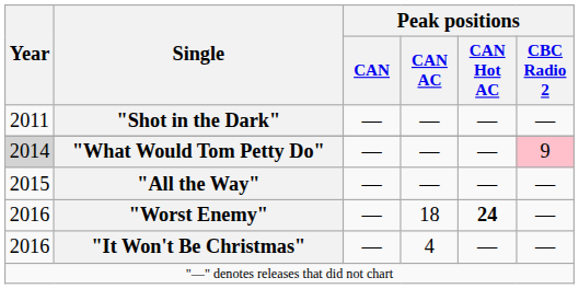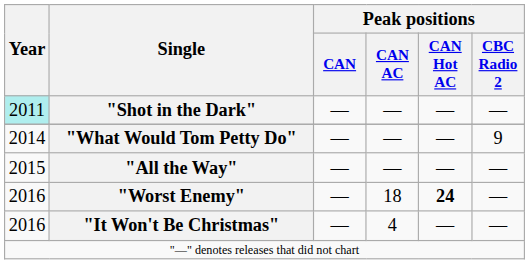 <table class="wikitable plainrowheaders" style="text-align:center;">
 <tr>
 <th rowspan="2">Year</th>
 <th rowspan="2" style="width:14em;">Single</th>
 <th colspan="4">Peak positions</th>
 </tr>
 <tr style="font-size:smaller;">
 <th width="40"><a href='#'>CAN</a></th>
 <th width="40"><a href='#'>CAN AC</a><br></th>
 <th width="40"><a href='#'>CAN Hot AC</a></th>
 <th width="40"><a href='#'>CBC Radio 2</a></th>
 </tr>
 <tr>
-<td>2011</td>
+<td style="background: paleturquoise;">2011</td>
 <th scope="row">"Shot in the Dark"</th>
 <td>—</td>
 <td>—</td>
 <td>—</td>
 <td>—</td>
 </tr>
 <tr>
 </tr>
 <tr>
-<td style="background: lightgrey;">2014</td>
+<td>2014</td>
 <th scope="row">"What Would Tom Petty Do"</th>
 <td>—</td>
 <td>—</td>
 <td>—</td>
-<td style="background: pink;">9</td>
+<td>9</td>
 </tr>
 <tr>
 <td>2015</td>
 <th scope="row">"All the Way"</th>
 <td>—</td>
 <td>—</td>
 <td>—</td>
 <td>—</td>
 </tr>
 <tr>
 <td>2016</td>
 <th scope="row">"Worst Enemy"</th>
 <td>—</td>
 <td>18</td>
 <td><strong>24</strong></td>
 <td>—</td>
 </tr>
 <tr>
 <td>2016</td>
 <th scope="row">"It Won't Be Christmas"</th>
 <td>—</td>
 <td>4</td>
 <td>—</td>
 <td>—</td>
 </tr>
 <tr>
 <td colspan="6" style="font-size:8pt">"—" denotes releases that did not chart</td>
 </tr>
 </table>
